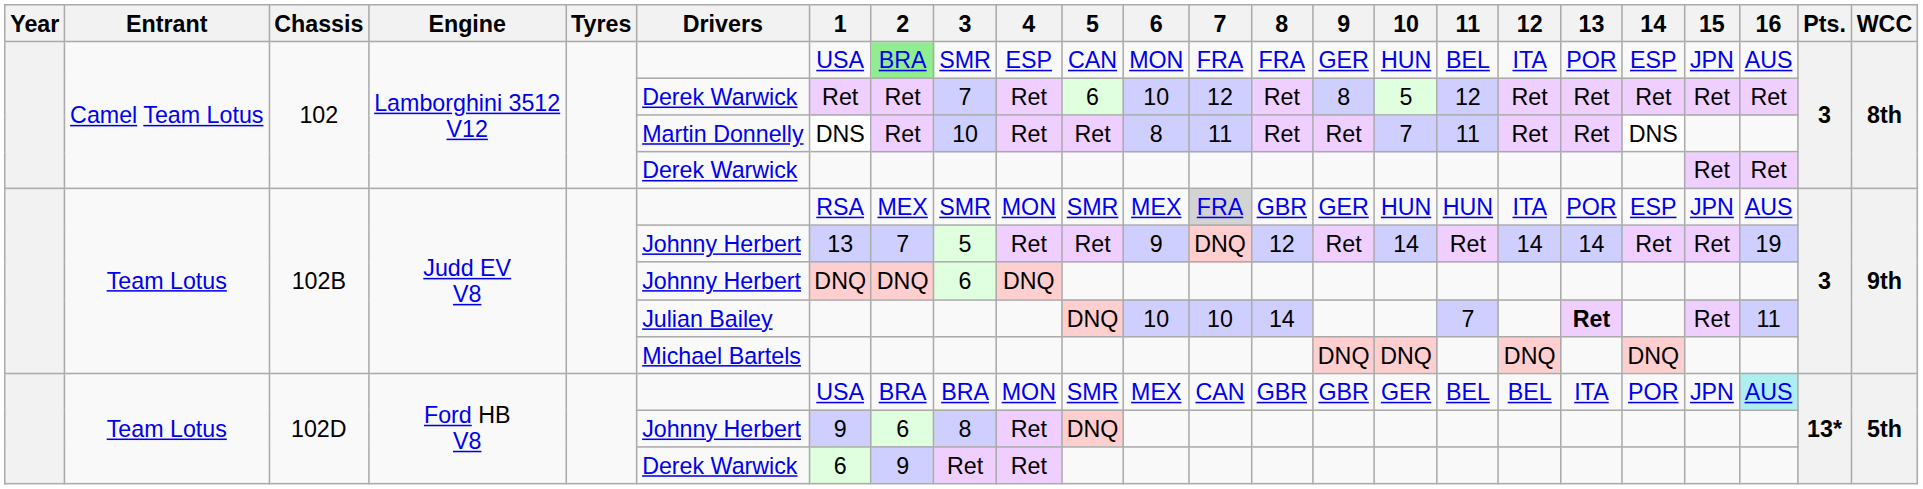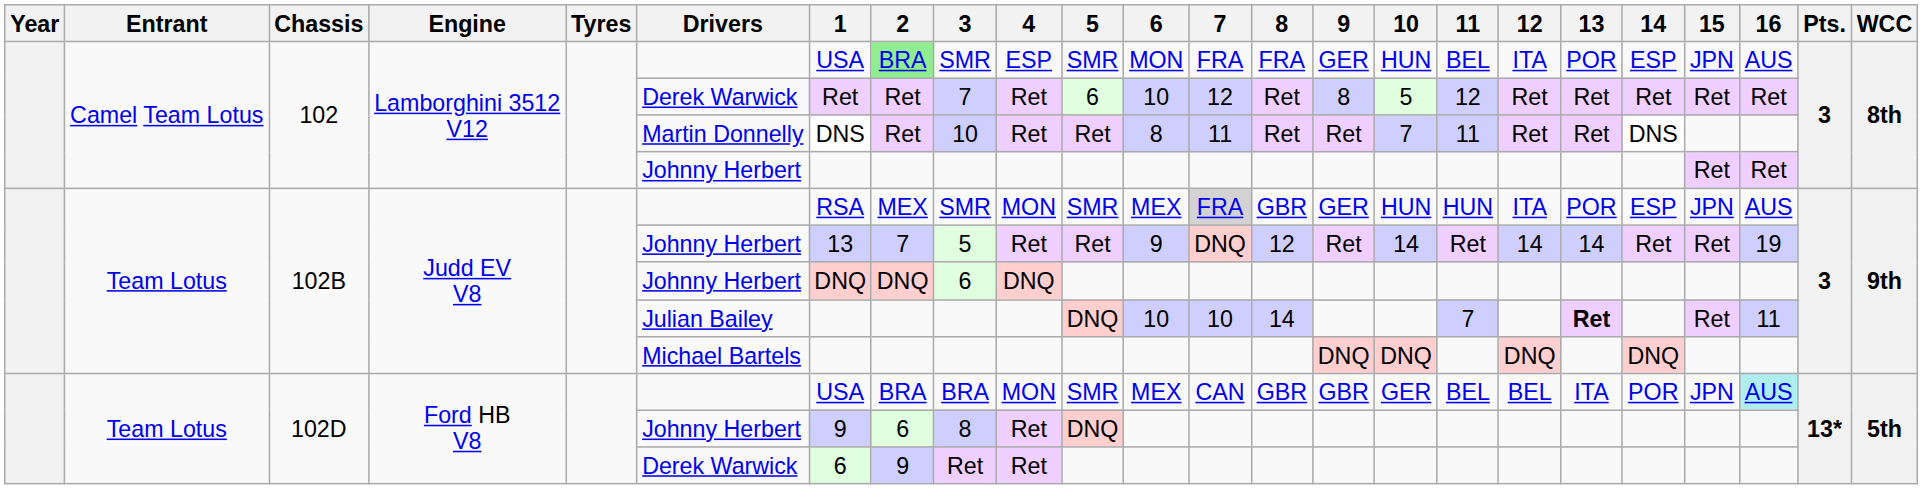 <table class="wikitable" style="text-align:center; font-size:95%">
 <tr>
 <th>Year</th>
 <th>Entrant</th>
 <th>Chassis</th>
 <th>Engine</th>
 <th>Tyres</th>
 <th>Drivers</th>
 <th>1</th>
 <th>2</th>
 <th>3</th>
 <th>4</th>
 <th>5</th>
 <th>6</th>
 <th>7</th>
 <th>8</th>
 <th>9</th>
 <th>10</th>
 <th>11</th>
 <th>12</th>
 <th>13</th>
 <th>14</th>
 <th>15</th>
 <th>16</th>
 <th>Pts.</th>
 <th>WCC</th>
 </tr>
 <tr>
 <th rowspan="4"></th>
 <td rowspan="4"><a href='#'>Camel</a> <a href='#'>Team Lotus</a></td>
 <td rowspan="4">102</td>
 <td rowspan="4"><a href='#'>Lamborghini 3512</a><br><a href='#'>V12</a></td>
 <td rowspan="4"></td>
 <td></td>
 <td><a href='#'>USA</a></td>
 <td style="background: lightgreen;"><a href='#'>BRA</a></td>
 <td><a href='#'>SMR</a></td>
 <td><a href='#'>ESP</a></td>
-<td><a href='#'>CAN</a></td>
+<td><a href='#'>SMR</a></td>
 <td><a href='#'>MON</a></td>
 <td><a href='#'>FRA</a></td>
 <td><a href='#'>FRA</a></td>
 <td><a href='#'>GER</a></td>
 <td><a href='#'>HUN</a></td>
 <td><a href='#'>BEL</a></td>
 <td><a href='#'>ITA</a></td>
 <td><a href='#'>POR</a></td>
 <td><a href='#'>ESP</a></td>
 <td><a href='#'>JPN</a></td>
 <td><a href='#'>AUS</a></td>
 <th rowspan="4">3</th>
 <th rowspan="4">8th</th>
 </tr>
 <tr>
 <td align="left"><a href='#'>Derek Warwick</a></td>
 <td style="background:#efcfff;">Ret</td>
 <td style="background:#efcfff;">Ret</td>
 <td style="background:#cfcfff;">7</td>
 <td style="background:#efcfff;">Ret</td>
 <td style="background:#dfffdf;">6</td>
 <td style="background:#cfcfff;">10</td>
 <td style="background:#cfcfff;">12</td>
 <td style="background:#efcfff;">Ret</td>
 <td style="background:#cfcfff;">8</td>
 <td style="background:#dfffdf;">5</td>
 <td style="background:#cfcfff;">12</td>
 <td style="background:#efcfff;">Ret</td>
 <td style="background:#efcfff;">Ret</td>
 <td style="background:#efcfff;">Ret</td>
 <td style="background:#efcfff;">Ret</td>
 <td style="background:#efcfff;">Ret</td>
 </tr>
 <tr>
 <td align="left"><a href='#'>Martin Donnelly</a></td>
 <td style="background:#ffffff;">DNS</td>
 <td style="background:#efcfff;">Ret</td>
 <td style="background:#cfcfff;">10</td>
 <td style="background:#efcfff;">Ret</td>
 <td style="background:#efcfff;">Ret</td>
 <td style="background:#cfcfff;">8</td>
 <td style="background:#cfcfff;">11</td>
 <td style="background:#efcfff;">Ret</td>
 <td style="background:#efcfff;">Ret</td>
 <td style="background:#cfcfff;">7</td>
 <td style="background:#cfcfff;">11</td>
 <td style="background:#efcfff;">Ret</td>
 <td style="background:#efcfff;">Ret</td>
 <td style="background:#fff;">DNS</td>
 <td></td>
 <td></td>
 </tr>
 <tr>
-<td align="left"><a href='#'>Derek Warwick</a></td>
+<td align="left"><a href='#'>Johnny Herbert</a></td>
 <td></td>
 <td></td>
 <td></td>
 <td></td>
 <td></td>
 <td></td>
 <td></td>
 <td></td>
 <td></td>
 <td></td>
 <td></td>
 <td></td>
 <td></td>
 <td></td>
 <td style="background:#efcfff;">Ret</td>
 <td style="background:#efcfff;">Ret</td>
 </tr>
 <tr>
 <th rowspan="5"></th>
 <td rowspan="5"><a href='#'>Team Lotus</a></td>
 <td rowspan="5">102B</td>
 <td rowspan="5"><a href='#'>Judd EV</a><br><a href='#'>V8</a></td>
 <td rowspan="5"></td>
 <td></td>
 <td><a href='#'>RSA</a></td>
 <td><a href='#'>MEX</a></td>
 <td><a href='#'>SMR</a></td>
 <td><a href='#'>MON</a></td>
 <td><a href='#'>SMR</a></td>
 <td><a href='#'>MEX</a></td>
 <td style="background: lightgrey;"><a href='#'>FRA</a></td>
 <td><a href='#'>GBR</a></td>
 <td><a href='#'>GER</a></td>
 <td><a href='#'>HUN</a></td>
 <td><a href='#'>HUN</a></td>
 <td><a href='#'>ITA</a></td>
 <td><a href='#'>POR</a></td>
 <td><a href='#'>ESP</a></td>
 <td><a href='#'>JPN</a></td>
 <td><a href='#'>AUS</a></td>
 <th rowspan="5">3</th>
 <th rowspan="5">9th</th>
 </tr>
 <tr>
 <td align="left"><a href='#'>Johnny Herbert</a></td>
 <td style="background:#cfcfff;">13</td>
 <td style="background:#cfcfff;">7</td>
 <td style="background:#dfffdf;">5</td>
 <td style="background:#efcfff;">Ret</td>
 <td style="background:#efcfff;">Ret</td>
 <td style="background:#cfcfff;">9</td>
 <td style="background:#ffcfcf;">DNQ</td>
 <td style="background:#cfcfff;">12</td>
 <td style="background:#efcfff;">Ret</td>
 <td style="background:#cfcfff;">14</td>
 <td style="background:#efcfff;">Ret</td>
 <td style="background:#cfcfff;">14</td>
 <td style="background:#cfcfff;">14</td>
 <td style="background:#efcfff;">Ret</td>
 <td style="background:#efcfff;">Ret</td>
 <td style="background:#cfcfff;">19</td>
 </tr>
 <tr>
 <td align="left"><a href='#'>Johnny Herbert</a></td>
 <td style="background:#ffcfcf;">DNQ</td>
 <td style="background:#ffcfcf;">DNQ</td>
 <td style="background:#dfffdf;">6</td>
 <td style="background:#ffcfcf;">DNQ</td>
 <td></td>
 <td></td>
 <td></td>
 <td></td>
 <td></td>
 <td></td>
 <td></td>
 <td></td>
 <td></td>
 <td></td>
 <td></td>
 <td></td>
 </tr>
 <tr>
 <td align="left"><a href='#'>Julian Bailey</a></td>
 <td></td>
 <td></td>
 <td></td>
 <td></td>
 <td style="background:#ffcfcf;">DNQ</td>
 <td style="background:#cfcfff;">10</td>
 <td style="background:#cfcfff;">10</td>
 <td style="background:#cfcfff;">14</td>
 <td></td>
 <td></td>
 <td style="background:#cfcfff;">7</td>
 <td></td>
 <td style="background:#efcfff;"><strong>Ret</strong></td>
 <td></td>
 <td style="background:#efcfff;">Ret</td>
 <td style="background:#cfcfff;">11</td>
 </tr>
 <tr>
 <td align="left"><a href='#'>Michael Bartels</a></td>
 <td></td>
 <td></td>
 <td></td>
 <td></td>
 <td></td>
 <td></td>
 <td></td>
 <td></td>
 <td style="background:#ffcfcf;">DNQ</td>
 <td style="background:#ffcfcf;">DNQ</td>
 <td></td>
 <td style="background:#ffcfcf;">DNQ</td>
 <td></td>
 <td style="background:#ffcfcf;">DNQ</td>
 <td></td>
 <td></td>
 </tr>
 <tr>
 <th rowspan="3"></th>
 <td rowspan="3"><a href='#'>Team Lotus</a></td>
 <td rowspan="3">102D</td>
 <td rowspan="3"><a href='#'>Ford</a> HB<br><a href='#'>V8</a></td>
 <td rowspan="3"></td>
 <td></td>
 <td><a href='#'>USA</a></td>
 <td><a href='#'>BRA</a></td>
 <td><a href='#'>BRA</a></td>
 <td><a href='#'>MON</a></td>
 <td><a href='#'>SMR</a></td>
 <td><a href='#'>MEX</a></td>
 <td><a href='#'>CAN</a></td>
 <td><a href='#'>GBR</a></td>
 <td><a href='#'>GBR</a></td>
 <td><a href='#'>GER</a></td>
 <td><a href='#'>BEL</a></td>
 <td><a href='#'>BEL</a></td>
 <td><a href='#'>ITA</a></td>
 <td><a href='#'>POR</a></td>
 <td><a href='#'>JPN</a></td>
 <td style="background: paleturquoise;"><a href='#'>AUS</a></td>
 <th rowspan="3">13*</th>
 <th rowspan="3">5th</th>
 </tr>
 <tr>
 <td align="left"><a href='#'>Johnny Herbert</a></td>
 <td style="background:#cfcfff;">9</td>
 <td style="background:#dfffdf;">6</td>
 <td style="background:#cfcfff;">8</td>
 <td style="background:#efcfff;">Ret</td>
 <td style="background:#ffcfcf;">DNQ</td>
 <td></td>
 <td></td>
 <td></td>
 <td></td>
 <td></td>
 <td></td>
 <td></td>
 <td></td>
 <td></td>
 <td></td>
 <td></td>
 </tr>
 <tr>
 <td align="left"><a href='#'>Derek Warwick</a></td>
 <td style="background:#dfffdf;">6</td>
 <td style="background:#cfcfff;">9</td>
 <td style="background:#efcfff;">Ret</td>
 <td style="background:#efcfff;">Ret</td>
 <td></td>
 <td></td>
 <td></td>
 <td></td>
 <td></td>
 <td></td>
 <td></td>
 <td></td>
 <td></td>
 <td></td>
 <td></td>
 <td></td>
 </tr>
 </table>
